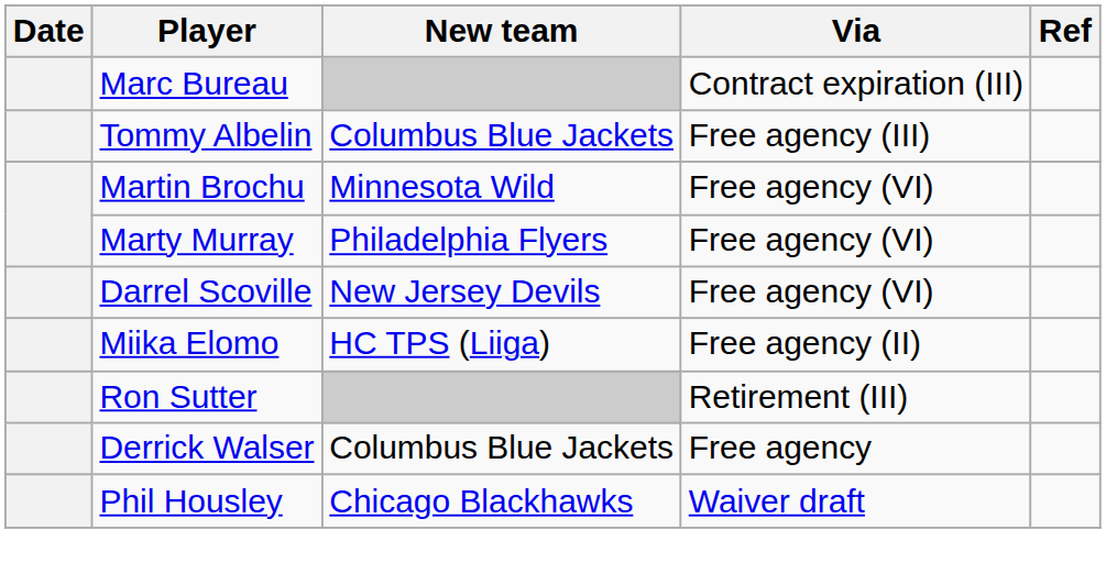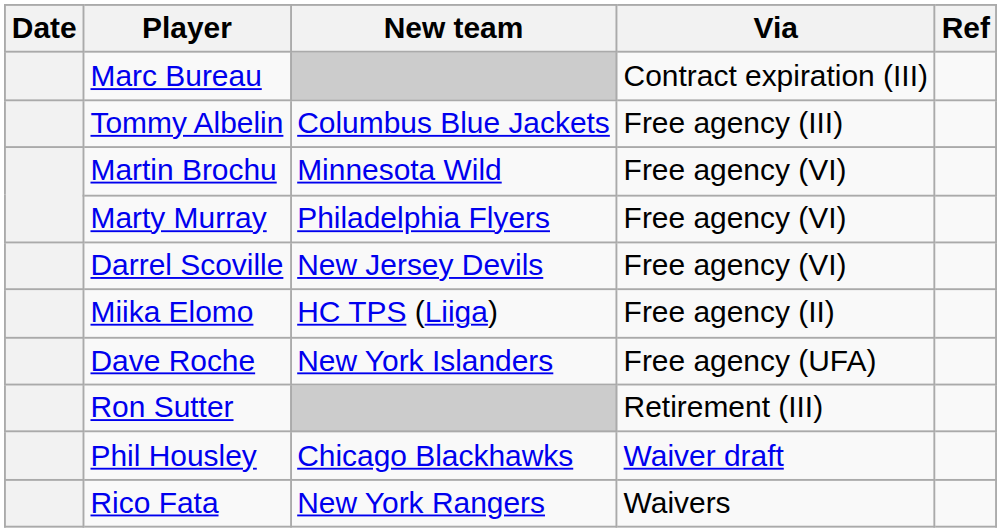 <table class="wikitable plainrowheaders">
 <tr style="background:#ddd; text-align:center;">
 <th>Date</th>
 <th>Player</th>
 <th>New team</th>
 <th>Via</th>
 <th>Ref</th>
 </tr>
 <tr>
 <th scope="row"></th>
 <td><a href='#'>Marc Bureau</a></td>
 <td style="background:#ccc"></td>
 <td>Contract expiration (III)</td>
 <td></td>
 </tr>
 <tr>
 <th scope="row"></th>
 <td><a href='#'>Tommy Albelin</a></td>
 <td><a href='#'>Columbus Blue Jackets</a></td>
 <td>Free agency (III)</td>
 <td></td>
 </tr>
 <tr>
 <th scope="row" rowspan=2></th>
 <td><a href='#'>Martin Brochu</a></td>
 <td><a href='#'>Minnesota Wild</a></td>
 <td>Free agency (VI)</td>
 <td></td>
 </tr>
 <tr>
 <td><a href='#'>Marty Murray</a></td>
 <td><a href='#'>Philadelphia Flyers</a></td>
 <td>Free agency (VI)</td>
 <td></td>
 </tr>
 <tr>
 <th scope="row"></th>
 <td><a href='#'>Darrel Scoville</a></td>
 <td><a href='#'>New Jersey Devils</a></td>
 <td>Free agency (VI)</td>
 <td></td>
 </tr>
 <tr>
 <th scope="row"></th>
 <td><a href='#'>Miika Elomo</a></td>
 <td><a href='#'>HC TPS</a> (<a href='#'>Liiga</a>)</td>
 <td>Free agency (II)</td>
 <td></td>
 </tr>
 <tr>
 <th scope="row"></th>
-<td><a href='#'>Ron Sutter</a></td>
-<td style="background:#ccc"></td>
-<td>Retirement (III)</td>
+<td><a href='#'>Dave Roche</a></td>
+<td><a href='#'>New York Islanders</a></td>
+<td>Free agency (UFA)</td>
 <td></td>
 </tr>
 <tr>
 <th scope="row"></th>
-<td><a href='#'>Derrick Walser</a></td>
-<td>Columbus Blue Jackets</td>
-<td>Free agency</td>
+<td><a href='#'>Ron Sutter</a></td>
+<td style="background:#ccc"></td>
+<td>Retirement (III)</td>
 <td></td>
 </tr>
 <tr>
 <th scope="row"></th>
 <td><a href='#'>Phil Housley</a></td>
 <td><a href='#'>Chicago Blackhawks</a></td>
 <td><a href='#'>Waiver draft</a></td>
 <td></td>
 </tr>
+<tr>
+<th scope="row"></th>
+<td><a href='#'>Rico Fata</a></td>
+<td><a href='#'>New York Rangers</a></td>
+<td>Waivers</td>
+<td></td>
+</tr>
 </table>
